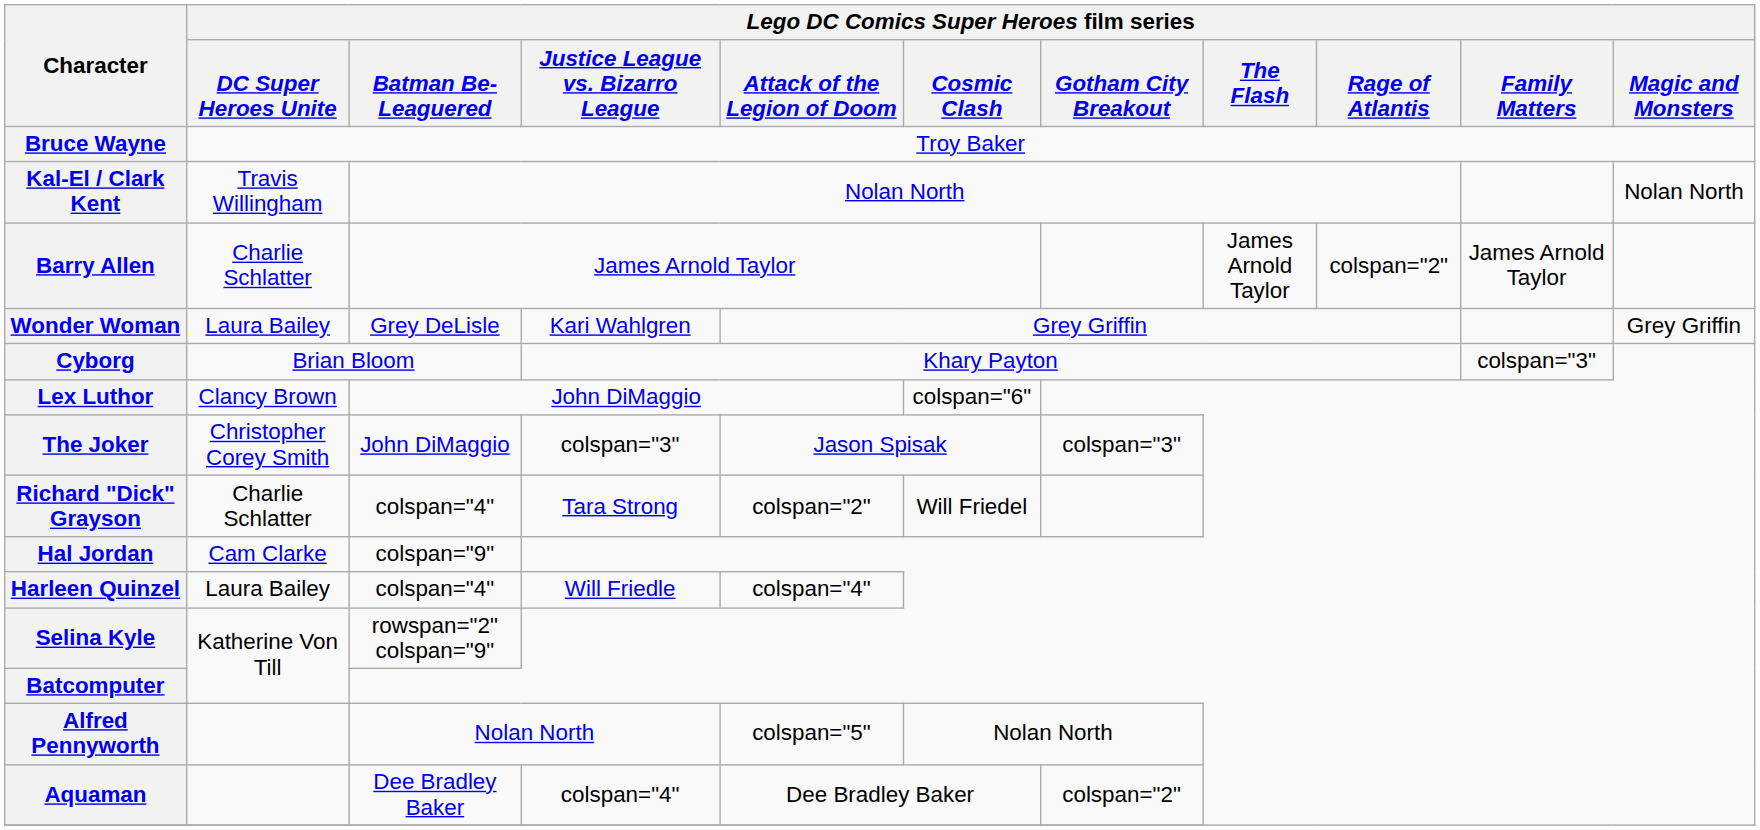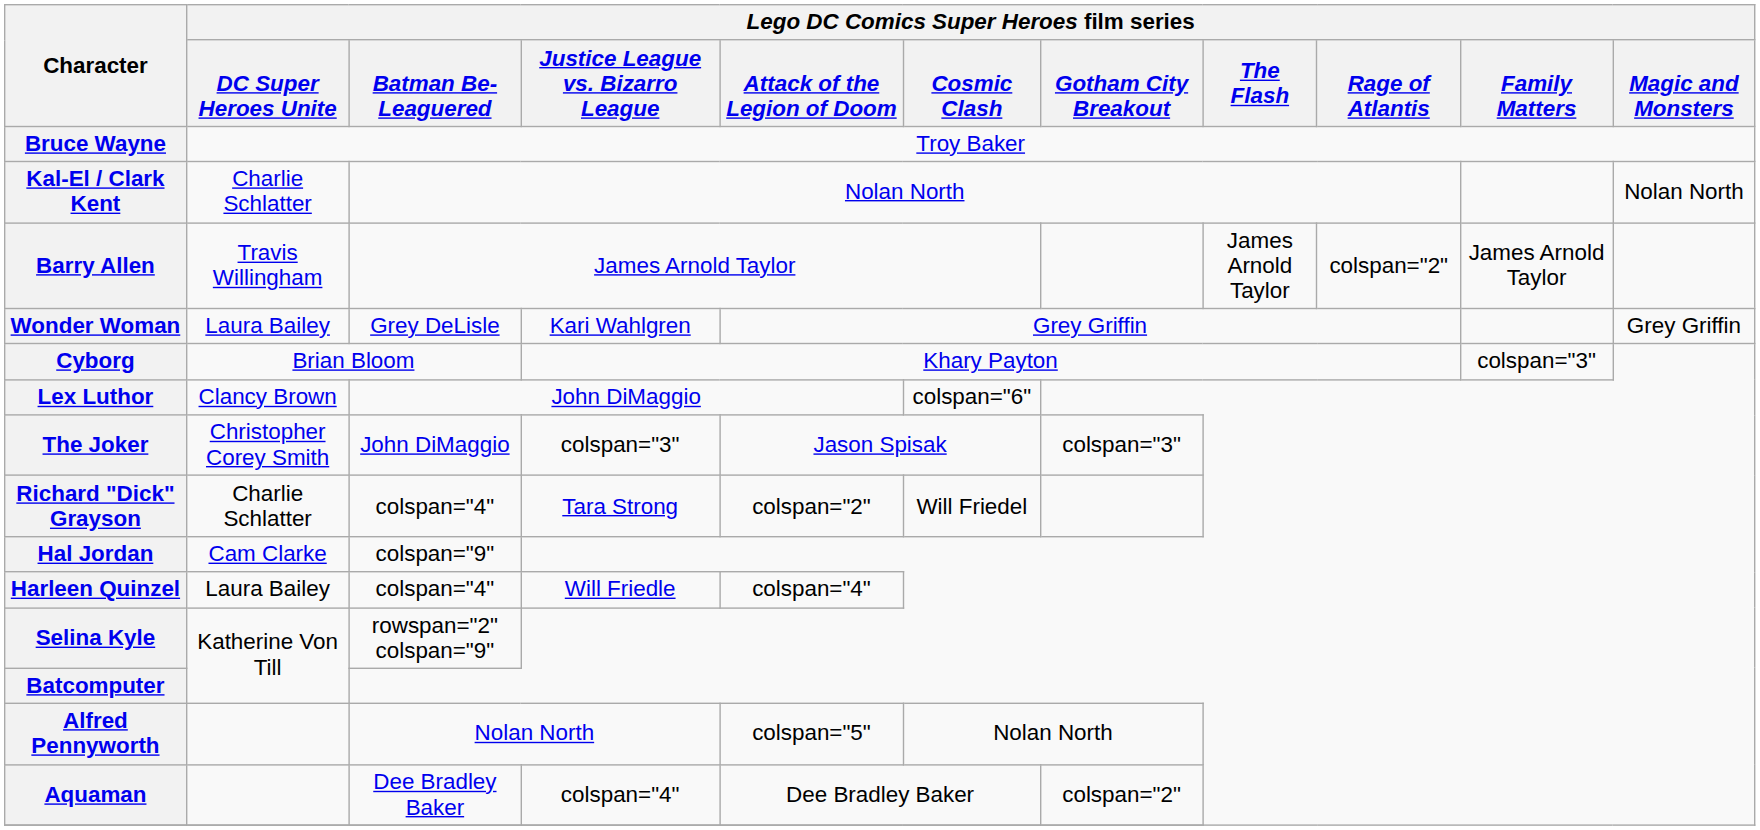 <table class="wikitable" style="text-align:center; width:99%">
 <tr>
 <th rowspan="2">Character</th>
 <th colspan="10"><em>Lego DC Comics Super Heroes</em> film series</th>
 </tr>
 <tr>
 <th><em><a href='#'><br>DC Super Heroes Unite</a></em></th>
 <th><em><a href='#'><br>Batman Be-Leaguered</a></em></th>
 <th><em><a href='#'>Justice League vs. Bizarro League</a></em></th>
 <th><em><a href='#'><br>Attack of the Legion of Doom</a></em></th>
 <th><em><a href='#'><br>Cosmic Clash</a></em></th>
 <th><em><a href='#'><br>Gotham City Breakout</a></em></th>
 <th><em><a href='#'>The Flash</a></em></th>
 <th><em><a href='#'><br>Rage of Atlantis</a></em></th>
 <th><em><a href='#'><br>Family Matters</a></em></th>
 <th><em><a href='#'><br>Magic and Monsters</a></em></th>
 </tr>
 <tr>
 <th><a href='#'>Bruce Wayne<br></a></th>
 <td colspan="10"><a href='#'>Troy Baker</a></td>
 </tr>
 <tr>
 <th><a href='#'>Kal-El / Clark Kent<br></a></th>
-<td><a href='#'>Travis Willingham</a></td>
+<td><a href='#'>Charlie Schlatter</a></td>
 <td colspan="7"><a href='#'>Nolan North</a></td>
 <td></td>
 <td>Nolan North</td>
 </tr>
 <tr>
 <th><a href='#'>Barry Allen<br></a></th>
-<td><a href='#'>Charlie Schlatter</a></td>
+<td><a href='#'>Travis Willingham</a></td>
 <td colspan="4"><a href='#'>James Arnold Taylor</a></td>
 <td></td>
 <td>James Arnold Taylor</td>
 <td>colspan="2" </td>
 <td>James Arnold Taylor</td>
 </tr>
 <tr>
 <th><a href='#'>Wonder Woman</a></th>
 <td><a href='#'>Laura Bailey</a></td>
 <td><a href='#'>Grey DeLisle</a></td>
 <td><a href='#'>Kari Wahlgren</a></td>
 <td colspan="5"><a href='#'>Grey Griffin</a></td>
 <td></td>
 <td>Grey Griffin</td>
 </tr>
 <tr>
 <th><a href='#'>Cyborg</a></th>
 <td colspan="2"><a href='#'>Brian Bloom</a></td>
 <td colspan="6"><a href='#'>Khary Payton</a></td>
 <td>colspan="3" </td>
 </tr>
 <tr>
 <th><a href='#'>Lex Luthor</a></th>
 <td><a href='#'>Clancy Brown</a></td>
 <td colspan="3"><a href='#'>John DiMaggio</a></td>
 <td>colspan="6" </td>
 </tr>
 <tr>
 <th><a href='#'>The Joker</a></th>
 <td><a href='#'>Christopher Corey Smith</a></td>
 <td><a href='#'>John DiMaggio</a></td>
 <td>colspan="3" </td>
 <td colspan="2"><a href='#'>Jason Spisak</a></td>
 <td>colspan="3" </td>
 </tr>
 <tr>
 <th><a href='#'>Richard "Dick" Grayson<br></a></th>
 <td>Charlie Schlatter</td>
 <td>colspan="4" </td>
 <td><a href='#'>Tara Strong</a></td>
 <td>colspan="2" </td>
 <td>Will Friedel</td>
 <td></td>
 </tr>
 <tr>
 <th><a href='#'>Hal Jordan<br></a></th>
 <td><a href='#'>Cam Clarke</a></td>
 <td>colspan="9" </td>
 </tr>
 <tr>
 <th><a href='#'>Harleen Quinzel<br></a></th>
 <td>Laura Bailey</td>
 <td>colspan="4" </td>
 <td><a href='#'>Will Friedle</a></td>
 <td>colspan="4" </td>
 </tr>
 <tr>
 <th><a href='#'>Selina Kyle<br></a></th>
 <td rowspan="2">Katherine Von Till</td>
 <td>rowspan="2" colspan="9" </td>
 </tr>
 <tr>
 <th><a href='#'>Batcomputer</a></th>
 </tr>
 <tr>
 <th><a href='#'>Alfred Pennyworth</a></th>
 <td></td>
 <td colspan="2"><a href='#'>Nolan North</a></td>
 <td>colspan="5" </td>
 <td colspan="2">Nolan North</td>
 </tr>
 <tr>
 <th><a href='#'>Aquaman</a></th>
 <td></td>
 <td><a href='#'>Dee Bradley Baker</a></td>
 <td>colspan="4" </td>
 <td colspan="2">Dee Bradley Baker</td>
 <td>colspan="2" </td>
 </tr>
 <tr>
 </tr>
 </table>
